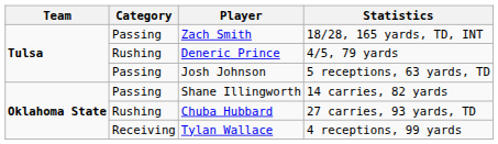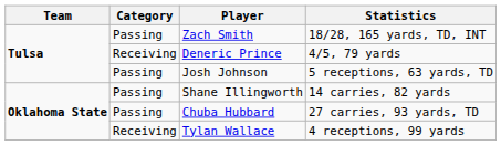 <table class="wikitable" style="float: right;">
 <tr>
 <th>Team</th>
 <th>Category</th>
 <th>Player</th>
 <th>Statistics</th>
 </tr>
 <tr>
 <td rowspan=3><strong>Tulsa</strong></td>
 <td>Passing</td>
 <td><a href='#'>Zach Smith</a></td>
 <td>18/28, 165 yards, TD, INT</td>
 </tr>
 <tr>
-<td>Rushing</td>
+<td>Receiving</td>
 <td><a href='#'>Deneric Prince</a></td>
 <td>4/5, 79 yards</td>
 </tr>
 <tr>
 <td>Passing</td>
 <td>Josh Johnson</td>
 <td>5 receptions, 63 yards, TD</td>
 </tr>
 <tr>
 <td rowspan=3><strong>Oklahoma State</strong></td>
 <td>Passing</td>
 <td>Shane Illingworth</td>
 <td>14 carries, 82 yards</td>
 </tr>
 <tr>
-<td>Rushing</td>
+<td>Passing</td>
 <td><a href='#'>Chuba Hubbard</a></td>
 <td>27 carries, 93 yards, TD</td>
 </tr>
 <tr>
 <td>Receiving</td>
 <td><a href='#'>Tylan Wallace</a></td>
 <td>4 receptions, 99 yards</td>
 </tr>
 </table>
